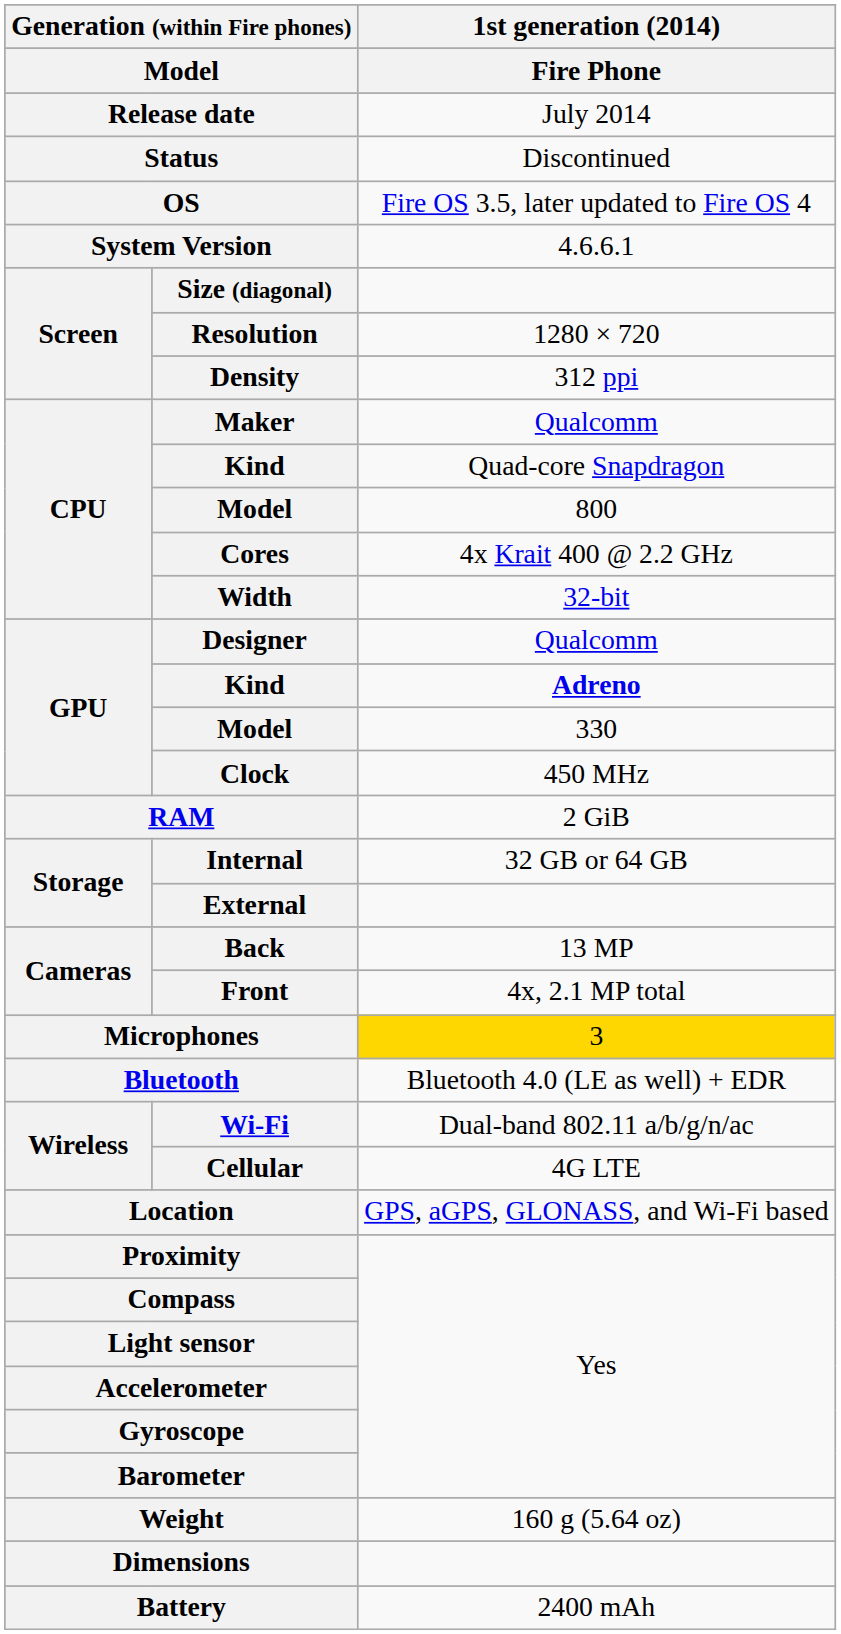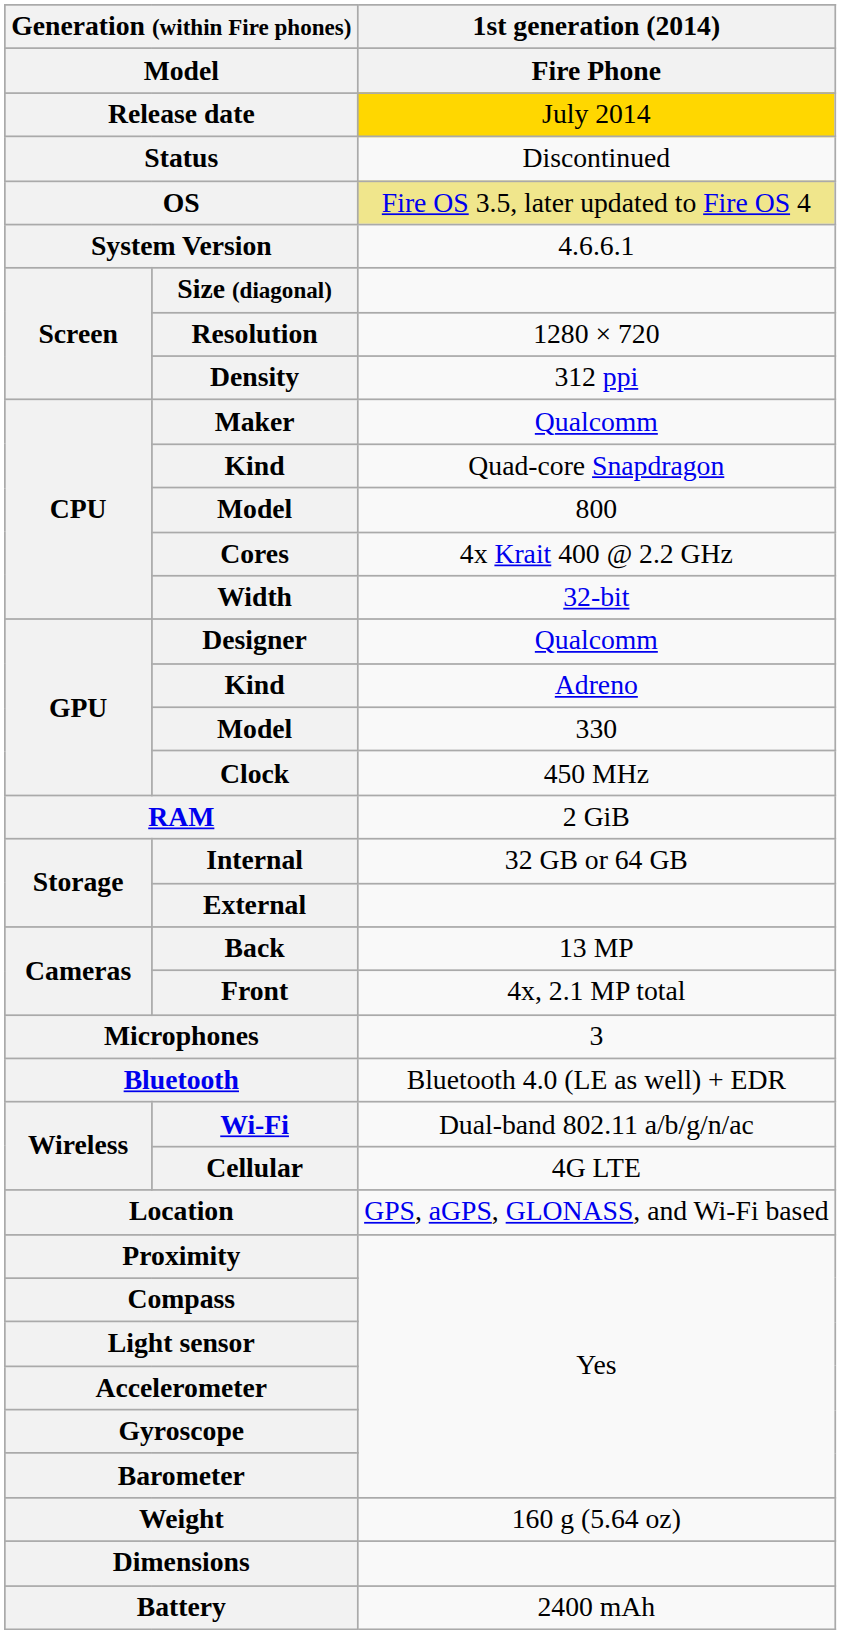 <table class="wikitable" style="text-align:center;">
 <tr>
 <th colspan="2">Generation <small>(within Fire phones)</small></th>
 <th>1st generation (2014)</th>
 </tr>
 <tr>
 <th colspan="2">Model</th>
 <th>Fire Phone</th>
 </tr>
 <tr>
 <th colspan="2">Release date</th>
-<td>July 2014</td>
+<td style="background: gold;">July 2014</td>
 </tr>
 <tr>
 <th colspan="2">Status</th>
 <td>Discontinued</td>
 </tr>
 <tr>
 <th colspan="2">OS</th>
-<td><a href='#'>Fire OS</a> 3.5, later updated to <a href='#'>Fire OS</a> 4</td>
+<td style="background: khaki;"><a href='#'>Fire OS</a> 3.5, later updated to <a href='#'>Fire OS</a> 4</td>
 </tr>
 <tr>
 <th colspan="2">System Version</th>
 <td>4.6.6.1</td>
 </tr>
 <tr>
 <th rowspan="3">Screen</th>
 <th>Size <small>(diagonal)</small></th>
 <td></td>
 </tr>
 <tr>
 <th colspan="1">Resolution</th>
 <td>1280 × 720</td>
 </tr>
 <tr>
 <th colspan="1">Density</th>
 <td>312 <a href='#'>ppi</a></td>
 </tr>
 <tr>
 <th rowspan="5">CPU</th>
 <th>Maker</th>
 <td><a href='#'>Qualcomm</a></td>
 </tr>
 <tr>
 <th>Kind</th>
 <td>Quad-core <a href='#'>Snapdragon</a></td>
 </tr>
 <tr>
 <th>Model</th>
 <td>800</td>
 </tr>
 <tr>
 <th>Cores</th>
 <td>4x <a href='#'>Krait</a> 400 @ 2.2 GHz</td>
 </tr>
 <tr>
 <th>Width</th>
 <td><a href='#'>32-bit</a></td>
 </tr>
 <tr>
 <th rowspan="4">GPU</th>
 <th>Designer</th>
 <td><a href='#'>Qualcomm</a></td>
 </tr>
 <tr>
 <th>Kind</th>
-<td><strong><a href='#'>Adreno</a></strong></td>
+<td><a href='#'>Adreno</a></td>
 </tr>
 <tr>
 <th>Model</th>
 <td>330</td>
 </tr>
 <tr>
 <th>Clock</th>
 <td>450 MHz </td>
 </tr>
 <tr>
 <th colspan="2"><a href='#'>RAM</a></th>
 <td>2 GiB</td>
 </tr>
 <tr>
 <th rowspan="2">Storage</th>
 <th>Internal</th>
 <td>32 GB or 64 GB</td>
 </tr>
 <tr>
 <th>External</th>
 <td></td>
 </tr>
 <tr>
 <th rowspan=2>Cameras</th>
 <th>Back</th>
 <td>13 MP</td>
 </tr>
 <tr>
 <th>Front</th>
 <td>4x, 2.1 MP total</td>
 </tr>
 <tr>
 <th colspan="2">Microphones</th>
-<td style="background: gold;">3</td>
+<td>3</td>
 </tr>
 <tr>
 <th colspan="2"><a href='#'>Bluetooth</a></th>
 <td>Bluetooth 4.0 (LE as well)  + EDR</td>
 </tr>
 <tr>
 <th rowspan="2">Wireless</th>
 <th><a href='#'>Wi-Fi</a></th>
 <td>Dual-band 802.11 a/b/g/n/ac</td>
 </tr>
 <tr>
 <th>Cellular</th>
 <td>4G LTE</td>
 </tr>
 <tr>
 <th colspan="2">Location</th>
 <td><a href='#'>GPS</a>, <a href='#'>aGPS</a>, <a href='#'>GLONASS</a>, and Wi-Fi based</td>
 </tr>
 <tr>
 <th colspan="2">Proximity</th>
 <td rowspan="6">Yes</td>
 </tr>
 <tr>
 <th colspan="2">Compass</th>
 </tr>
 <tr>
 <th colspan="2">Light sensor</th>
 </tr>
 <tr>
 <th colspan="2">Accelerometer</th>
 </tr>
 <tr>
 <th colspan="2">Gyroscope</th>
 </tr>
 <tr>
 <th colspan="2">Barometer</th>
 </tr>
 <tr>
 <th colspan="2">Weight</th>
 <td>160 g (5.64 oz)</td>
 </tr>
 <tr>
 <th colspan="2">Dimensions</th>
 <td></td>
 </tr>
 <tr>
 <th colspan="2">Battery</th>
 <td>2400 mAh</td>
 </tr>
 </table>
